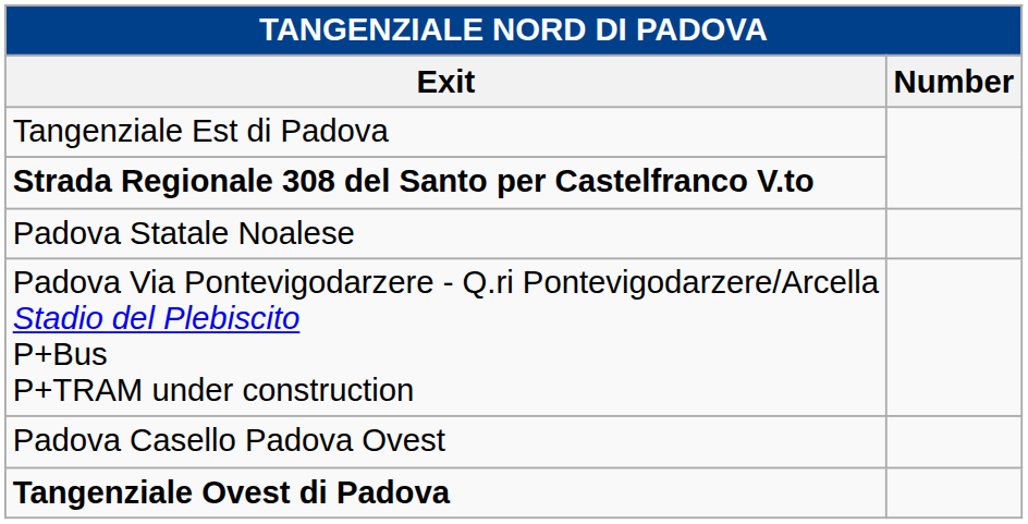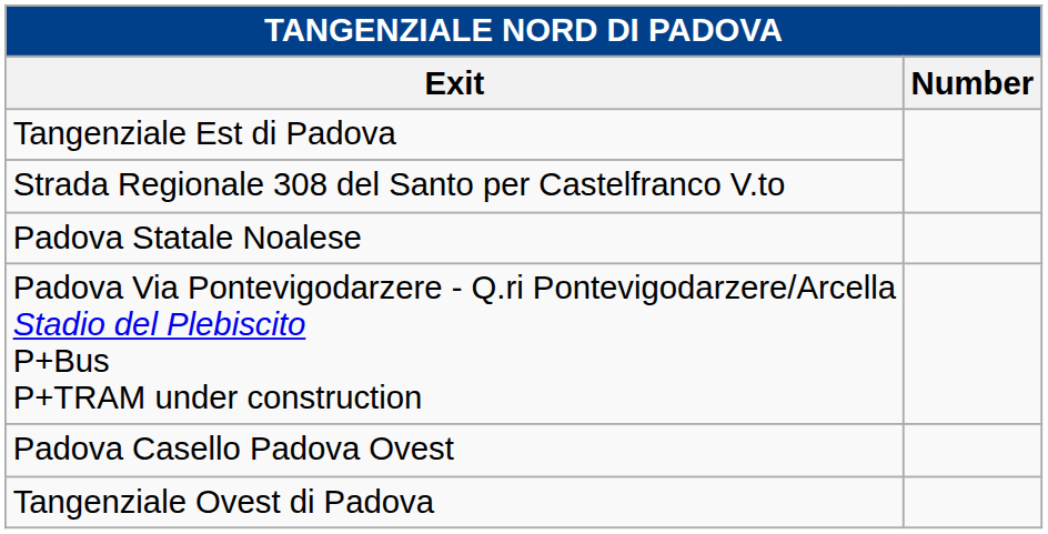 <table class="wikitable" border="1">
 <tr>
 </tr>
 <tr align="center" bgcolor="00408B" style="color: white;font-size:100%;">
 <td colspan="4"><strong>TANGENZIALE NORD DI PADOVA</strong></td>
 </tr>
 <tr>
 <th align="center"><strong>Exit</strong></th>
 <th align="center"><strong>Number</strong></th>
 </tr>
 <tr>
 <td> Tangenziale Est di Padova</td>
 </tr>
 <tr>
-<td><strong> Strada Regionale 308 del Santo per Castelfranco V.to</strong></td>
+<td> Strada Regionale 308 del Santo per Castelfranco V.to</td>
 </tr>
 <tr>
 <td>Padova Statale Noalese</td>
 <td></td>
 </tr>
 <tr>
 <td> Padova Via Pontevigodarzere - Q.ri Pontevigodarzere/Arcella<br><em><a href='#'>Stadio del Plebiscito</a></em><br>P+Bus<br>P+TRAM under construction</td>
 <td></td>
 </tr>
 <tr>
 <td>Padova Casello Padova Ovest </td>
 <td></td>
 </tr>
 <tr>
-<td><strong> Tangenziale Ovest di Padova</strong></td>
+<td> Tangenziale Ovest di Padova</td>
 </tr>
 </table>
